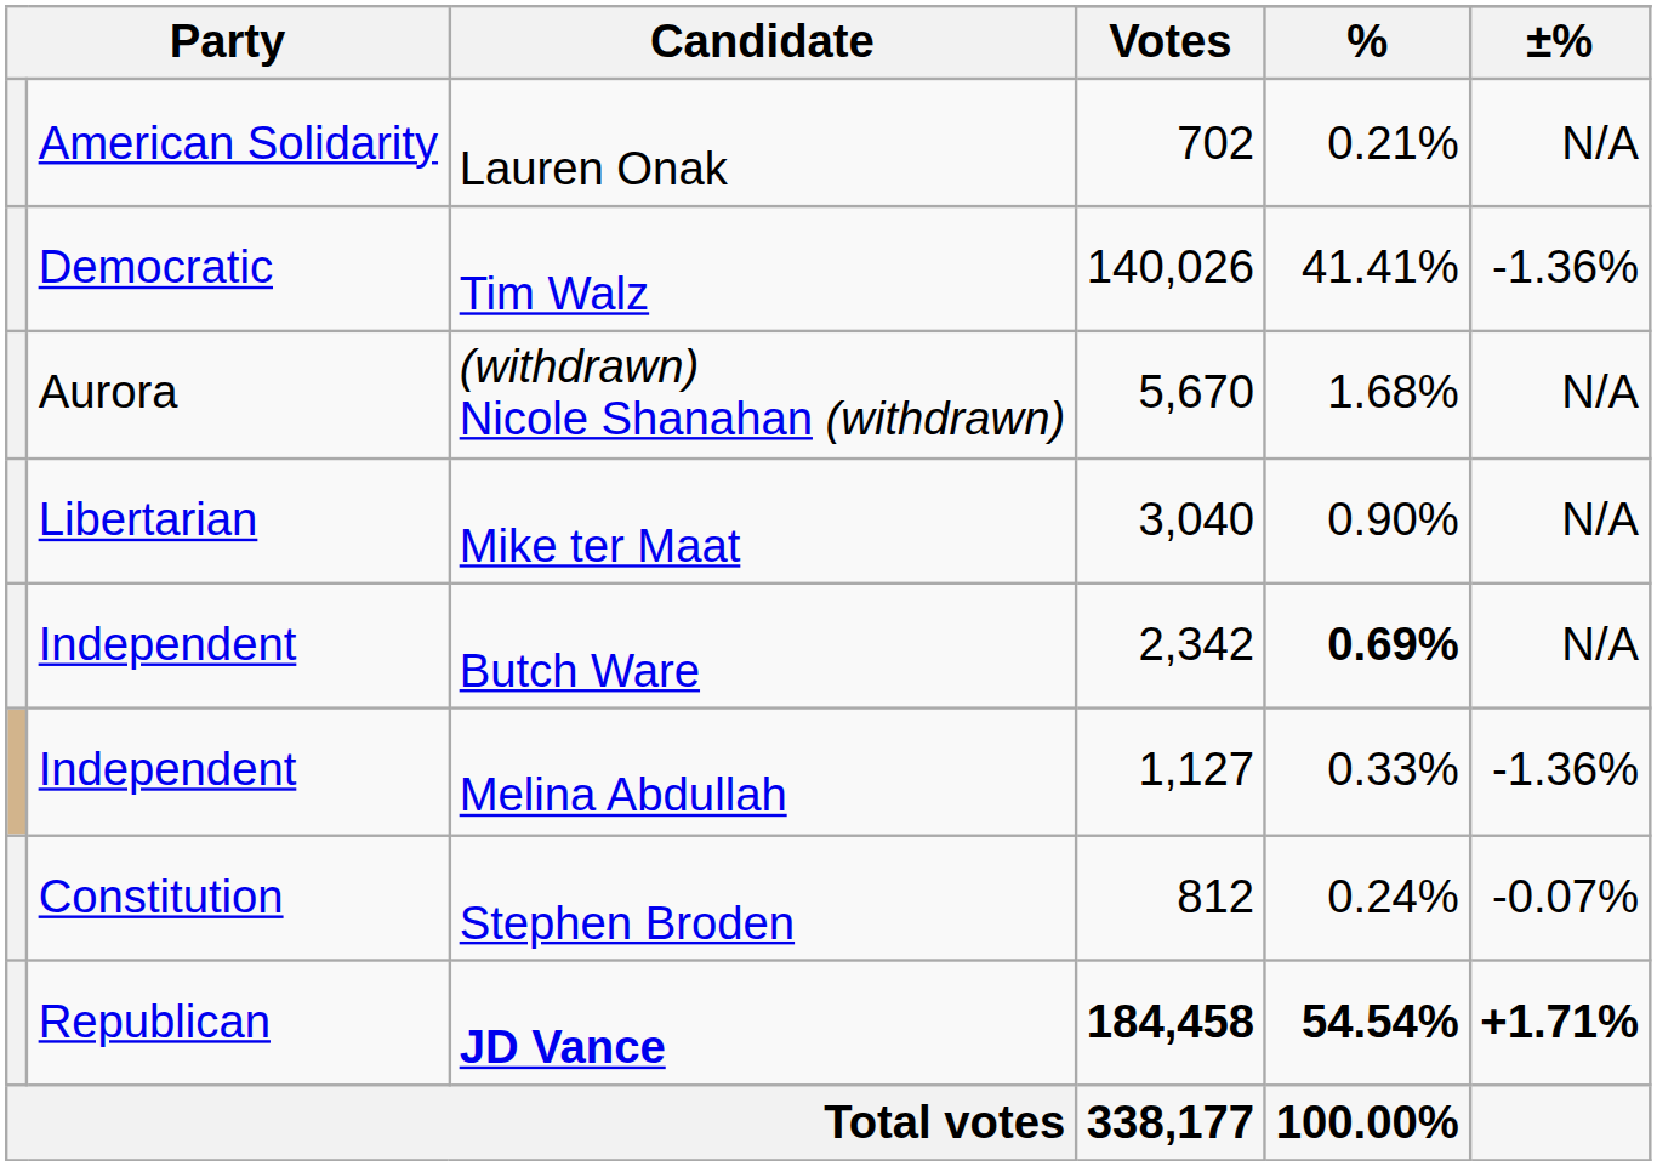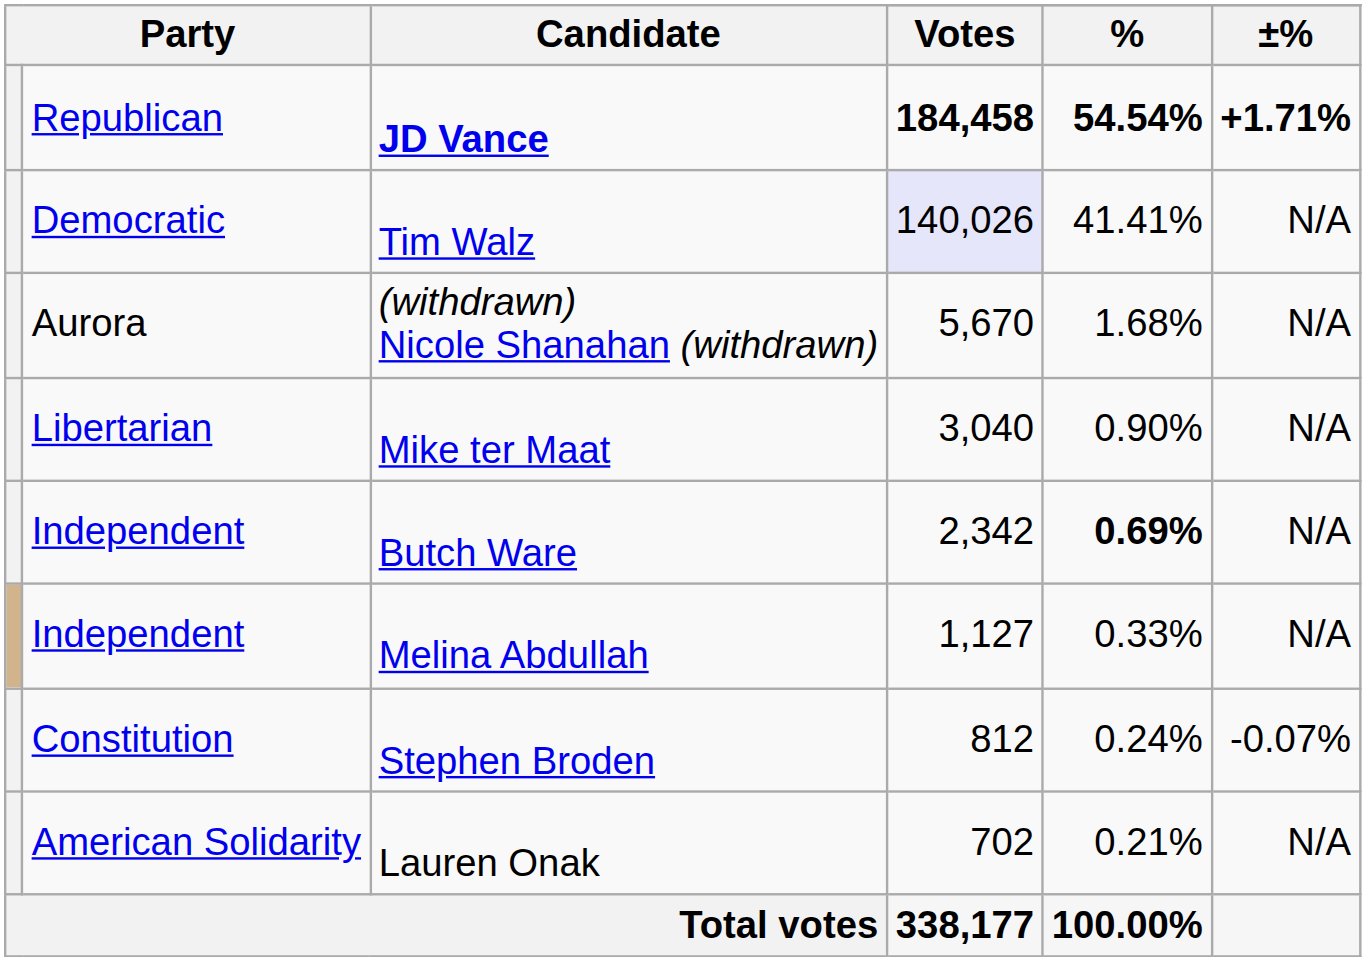 <table class="wikitable sortable" style="text-align:right">
 <tr>
 <th colspan=2 rowspan=2>Party</th>
 <th rowspan=2>Candidate</th>
 </tr>
 <tr>
 <th>Votes</th>
 <th>%</th>
 <th>±%</th>
 </tr>
 <tr>
 <th style="background-color:"></th>
-<td style="text-align:left"><a href='#'>American Solidarity</a></td>
-<td style="text-align:left" scope="row"><br>Lauren Onak</td>
-<td>702</td>
-<td>0.21%</td>
-<td>N/A</td>
+<td style="text-align:left"><a href='#'>Republican</a></td>
+<td style="text-align:left" scope="row"><strong><br><a href='#'>JD Vance</a></strong></td>
+<td><strong>184,458</strong></td>
+<td><strong>54.54%</strong></td>
+<td><strong>+1.71%</strong></td>
 </tr>
 <tr>
 <th style="background-color:"></th>
 <td style="text-align:left"><a href='#'>Democratic</a></td>
 <td style="text-align:left" scope="row"><br><a href='#'>Tim Walz</a></td>
-<td>140,026</td>
+<td style="background: lavender;">140,026</td>
 <td>41.41%</td>
-<td>-1.36%</td>
+<td>N/A</td>
 </tr>
 <tr>
 <th style="background-color:"></th>
 <td style="text-align:left">Aurora</td>
 <td style="text-align:left" scope="row"> <em>(withdrawn)</em><br><a href='#'>Nicole Shanahan</a> <em>(withdrawn)</em></td>
 <td>5,670</td>
 <td>1.68%</td>
 <td>N/A</td>
 </tr>
 <tr>
 <th style="background-color:"></th>
 <td style="text-align:left"><a href='#'>Libertarian</a></td>
 <td style="text-align:left" scope="row"><br><a href='#'>Mike ter Maat</a></td>
 <td>3,040</td>
 <td>0.90%</td>
 <td>N/A</td>
 </tr>
 <tr>
 <th style="background-color:"></th>
 <td style="text-align:left"><a href='#'>Independent</a></td>
 <td style="text-align:left" scope="row"><br><a href='#'>Butch Ware</a></td>
 <td>2,342</td>
 <td><strong>0.69%</strong></td>
 <td>N/A</td>
 </tr>
 <tr>
 <th style="background-color:Tan"></th>
 <td style="text-align:left"><a href='#'>Independent</a></td>
 <td style="text-align:left" scope="row"><br><a href='#'>Melina Abdullah</a></td>
 <td>1,127</td>
 <td>0.33%</td>
-<td>-1.36%</td>
+<td>N/A</td>
 </tr>
 <tr>
 <th style="background-color:"></th>
 <td style="text-align:left"><a href='#'>Constitution</a></td>
 <td style="text-align:left" scope="row"><br><a href='#'>Stephen Broden</a></td>
 <td>812</td>
 <td>0.24%</td>
 <td>-0.07%</td>
 </tr>
 <tr>
 <th style="background-color:"></th>
-<td style="text-align:left"><a href='#'>Republican</a></td>
-<td style="text-align:left" scope="row"><strong><br><a href='#'>JD Vance</a></strong></td>
-<td><strong>184,458</strong></td>
-<td><strong>54.54%</strong></td>
-<td><strong>+1.71%</strong></td>
+<td style="text-align:left"><a href='#'>American Solidarity</a></td>
+<td style="text-align:left" scope="row"><br>Lauren Onak</td>
+<td>702</td>
+<td>0.21%</td>
+<td>N/A</td>
 </tr>
 <tr class="sortbottom" style="background-color:#F6F6F6">
 <th colspan=3 scope="row" style="text-align:right;">Total votes</th>
 <td><strong>338,177</strong></td>
 <td><strong>100.00%</strong></td>
 <td></td>
 </tr>
 </table>
